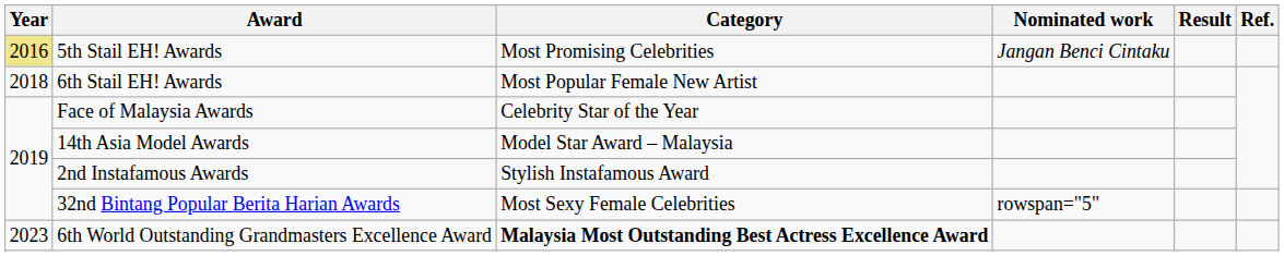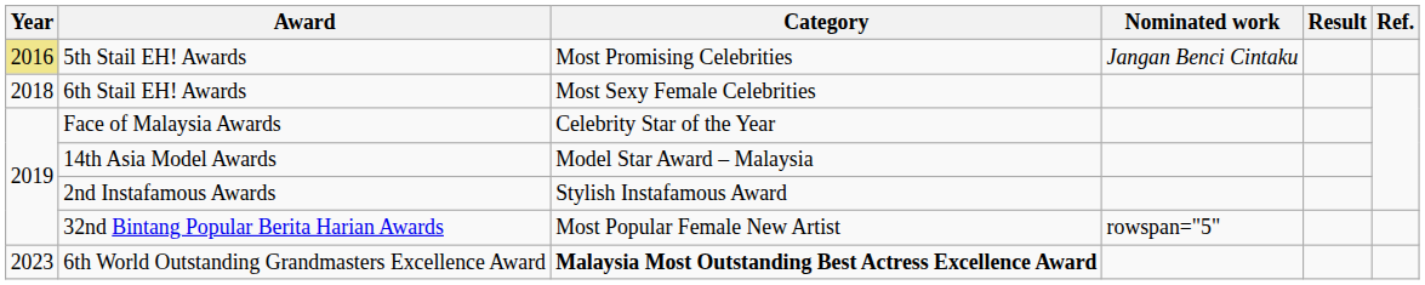 <table class="wikitable">
 <tr style="text-align:center;">
 <th>Year</th>
 <th>Award</th>
 <th>Category</th>
 <th>Nominated work</th>
 <th>Result</th>
 <th>Ref.</th>
 </tr>
 <tr>
 <td style="background: khaki;">2016</td>
 <td>5th Stail EH! Awards</td>
 <td>Most Promising Celebrities</td>
 <td><em>Jangan Benci Cintaku</em></td>
 <td></td>
 <td></td>
 </tr>
 <tr>
 <td>2018</td>
 <td>6th Stail EH! Awards</td>
-<td>Most Popular Female New Artist</td>
+<td>Most Sexy Female Celebrities</td>
 <td></td>
 <td></td>
 </tr>
 <tr>
 <td rowspan="4">2019</td>
 <td>Face of Malaysia Awards</td>
 <td>Celebrity Star of the Year</td>
 <td></td>
 <td></td>
 </tr>
 <tr>
 <td>14th Asia Model Awards</td>
 <td>Model Star Award – Malaysia</td>
 <td></td>
 <td></td>
 </tr>
 <tr>
 <td>2nd Instafamous Awards</td>
 <td>Stylish Instafamous Award</td>
 <td></td>
 <td></td>
 </tr>
 <tr>
 <td>32nd <a href='#'>Bintang Popular Berita Harian Awards</a></td>
-<td>Most Sexy Female Celebrities</td>
+<td>Most Popular Female New Artist</td>
 <td>rowspan="5" </td>
 <td></td>
 <td></td>
 </tr>
 <tr>
 <td>2023</td>
 <td>6th World Outstanding Grandmasters Excellence Award</td>
 <td><strong>Malaysia Most Outstanding Best Actress Excellence Award</strong></td>
 <td></td>
 <td></td>
 <td></td>
 </tr>
 </table>
